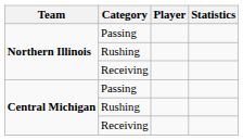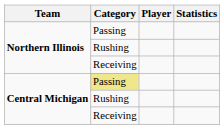 <table class="wikitable" style="float: left;">
 <tr>
 <th>Team</th>
 <th>Category</th>
 <th>Player</th>
 <th>Statistics</th>
 </tr>
 <tr>
 <td rowspan=3><strong>Northern Illinois</strong></td>
 <td>Passing</td>
 <td></td>
 <td></td>
 </tr>
 <tr>
 <td>Rushing</td>
 <td></td>
 <td></td>
 </tr>
 <tr>
 <td>Receiving</td>
 <td></td>
 <td></td>
 </tr>
 <tr>
 <td rowspan=3><strong>Central Michigan</strong></td>
-<td>Passing</td>
+<td style="background: khaki;">Passing</td>
 <td></td>
 <td></td>
 </tr>
 <tr>
 <td>Rushing</td>
 <td></td>
 <td></td>
 </tr>
 <tr>
 <td>Receiving</td>
 <td></td>
 <td></td>
 </tr>
 </table>
